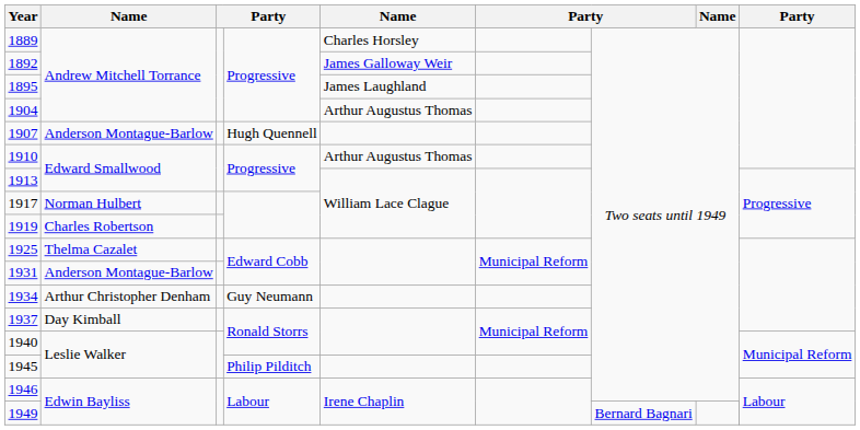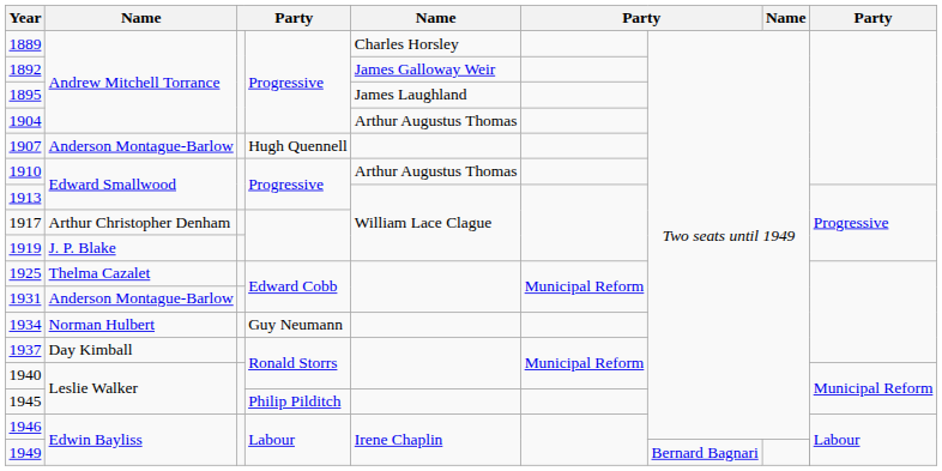 <table class="wikitable">
 <tr>
 <th>Year</th>
 <th>Name</th>
 <th colspan=2>Party</th>
 <th>Name</th>
 <th colspan=2>Party</th>
 <th>Name</th>
 <th colspan=2>Party</th>
 </tr>
 <tr>
 <td><a href='#'>1889</a></td>
 <td rowspan=4><a href='#'>Andrew Mitchell Torrance</a></td>
 <td rowspan=4 style="background-color: "></td>
 <td rowspan=4><a href='#'>Progressive</a></td>
 <td>Charles Horsley</td>
 <td></td>
 <td rowspan=16 colspan=3 align="center"><em>Two seats until 1949</em></td>
 </tr>
 <tr>
 <td><a href='#'>1892</a></td>
 <td><a href='#'>James Galloway Weir</a></td>
 <td></td>
 </tr>
 <tr>
 <td><a href='#'>1895</a></td>
 <td>James Laughland</td>
 <td></td>
 </tr>
 <tr>
 <td><a href='#'>1904</a></td>
 <td>Arthur Augustus Thomas</td>
 <td></td>
 </tr>
 <tr>
 <td><a href='#'>1907</a></td>
 <td><a href='#'>Anderson Montague-Barlow</a></td>
 <td></td>
 <td>Hugh Quennell</td>
 <td></td>
 </tr>
 <tr>
 <td><a href='#'>1910</a></td>
 <td rowspan=2><a href='#'>Edward Smallwood</a></td>
 <td rowspan=2 style="background-color: "></td>
 <td rowspan=2><a href='#'>Progressive</a></td>
 <td>Arthur Augustus Thomas</td>
 <td></td>
 </tr>
 <tr>
 <td><a href='#'>1913</a></td>
 <td rowspan=3>William Lace Clague</td>
 <td rowspan=3 style="background-color: "></td>
 <td rowspan=3><a href='#'>Progressive</a></td>
 </tr>
 <tr>
 <td>1917</td>
-<td><a href='#'>Norman Hulbert</a></td>
+<td>Arthur Christopher Denham</td>
 <td></td>
 </tr>
 <tr>
 <td><a href='#'>1919</a></td>
-<td><a href='#'>Charles Robertson</a></td>
+<td><a href='#'>J. P. Blake</a></td>
 <td></td>
 </tr>
 <tr>
 <td><a href='#'>1925</a></td>
 <td><a href='#'>Thelma Cazalet</a></td>
 <td></td>
 <td rowspan=2><a href='#'>Edward Cobb</a></td>
 <td rowspan=2 style="background-color: "></td>
 <td rowspan=2><a href='#'>Municipal Reform</a></td>
 </tr>
 <tr>
 <td><a href='#'>1931</a></td>
 <td><a href='#'>Anderson Montague-Barlow</a></td>
 <td></td>
 </tr>
 <tr>
 <td><a href='#'>1934</a></td>
-<td>Arthur Christopher Denham</td>
+<td><a href='#'>Norman Hulbert</a></td>
 <td></td>
 <td>Guy Neumann</td>
 <td></td>
 </tr>
 <tr>
 <td><a href='#'>1937</a></td>
 <td>Day Kimball</td>
 <td></td>
 <td rowspan=2><a href='#'>Ronald Storrs</a></td>
 <td rowspan=2 style="background-color: "></td>
 <td rowspan=2><a href='#'>Municipal Reform</a></td>
 </tr>
 <tr>
 <td>1940</td>
 <td rowspan=2>Leslie Walker</td>
 <td rowspan=2 style="background-color: "></td>
 <td rowspan=2><a href='#'>Municipal Reform</a></td>
 </tr>
 <tr>
 <td>1945</td>
 <td><a href='#'>Philip Pilditch</a></td>
 <td></td>
 </tr>
 <tr>
 <td><a href='#'>1946</a></td>
 <td rowspan=2><a href='#'>Edwin Bayliss</a></td>
 <td rowspan=2 style="background-color: "></td>
 <td rowspan=2><a href='#'>Labour</a></td>
 <td rowspan=2><a href='#'>Irene Chaplin</a></td>
 <td rowspan=2 style="background-color: "></td>
 <td rowspan=2><a href='#'>Labour</a></td>
 </tr>
 <tr>
 <td><a href='#'>1949</a></td>
 <td><a href='#'>Bernard Bagnari</a></td>
 <td></td>
 </tr>
 </table>
